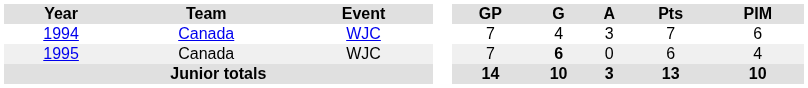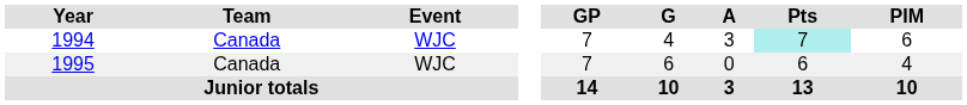 <table border="0" cellpadding="1" cellspacing="0" style="text-align:center; width:50em">
 <tr ALIGN="center" bgcolor="#e0e0e0">
 <th>Year</th>
 <th>Team</th>
 <th>Event</th>
 <th rowspan="99" bgcolor="#ffffff"> </th>
 <th>GP</th>
 <th>G</th>
 <th>A</th>
 <th>Pts</th>
 <th>PIM</th>
 </tr>
 <tr>
 <td><a href='#'>1994</a></td>
 <td><a href='#'>Canada</a></td>
 <td><a href='#'>WJC</a></td>
 <td>7</td>
 <td>4</td>
 <td>3</td>
-<td>7</td>
+<td style="background: paleturquoise;">7</td>
 <td>6</td>
 </tr>
 <tr bgcolor="#f0f0f0">
 <td><a href='#'>1995</a></td>
 <td>Canada</td>
 <td>WJC</td>
 <td>7</td>
-<td><strong>6</strong></td>
+<td>6</td>
 <td>0</td>
 <td>6</td>
 <td>4</td>
 </tr>
 <tr bgcolor="#e0e0e0">
 <th colspan=3>Junior totals</th>
 <th>14</th>
 <th>10</th>
 <th>3</th>
 <th>13</th>
 <th>10</th>
 </tr>
 </table>
